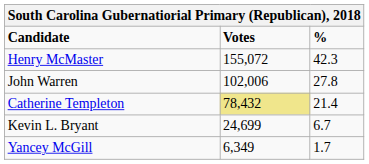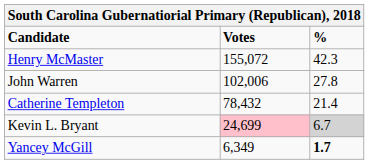 <table class="wikitable">
 <tr>
 <th colspan="4">South Carolina Gubernatiorial Primary (Republican), 2018</th>
 </tr>
 <tr>
 <td><strong>Candidate</strong></td>
 <td><strong>Votes</strong></td>
 <td><strong>%</strong></td>
 </tr>
 <tr>
 <td><a href='#'>Henry McMaster</a></td>
 <td>155,072</td>
 <td>42.3</td>
 </tr>
 <tr>
 <td>John Warren</td>
 <td>102,006</td>
 <td>27.8</td>
 </tr>
 <tr>
 <td><a href='#'>Catherine Templeton</a></td>
-<td style="background: khaki;">78,432</td>
+<td>78,432</td>
 <td>21.4</td>
 </tr>
 <tr>
 <td>Kevin L. Bryant</td>
-<td>24,699</td>
-<td>6.7</td>
+<td style="background: pink;">24,699</td>
+<td style="background: lightgrey;">6.7</td>
 </tr>
 <tr>
 <td><a href='#'>Yancey McGill</a></td>
 <td>6,349</td>
-<td>1.7</td>
+<td><strong>1.7</strong></td>
 </tr>
 </table>
